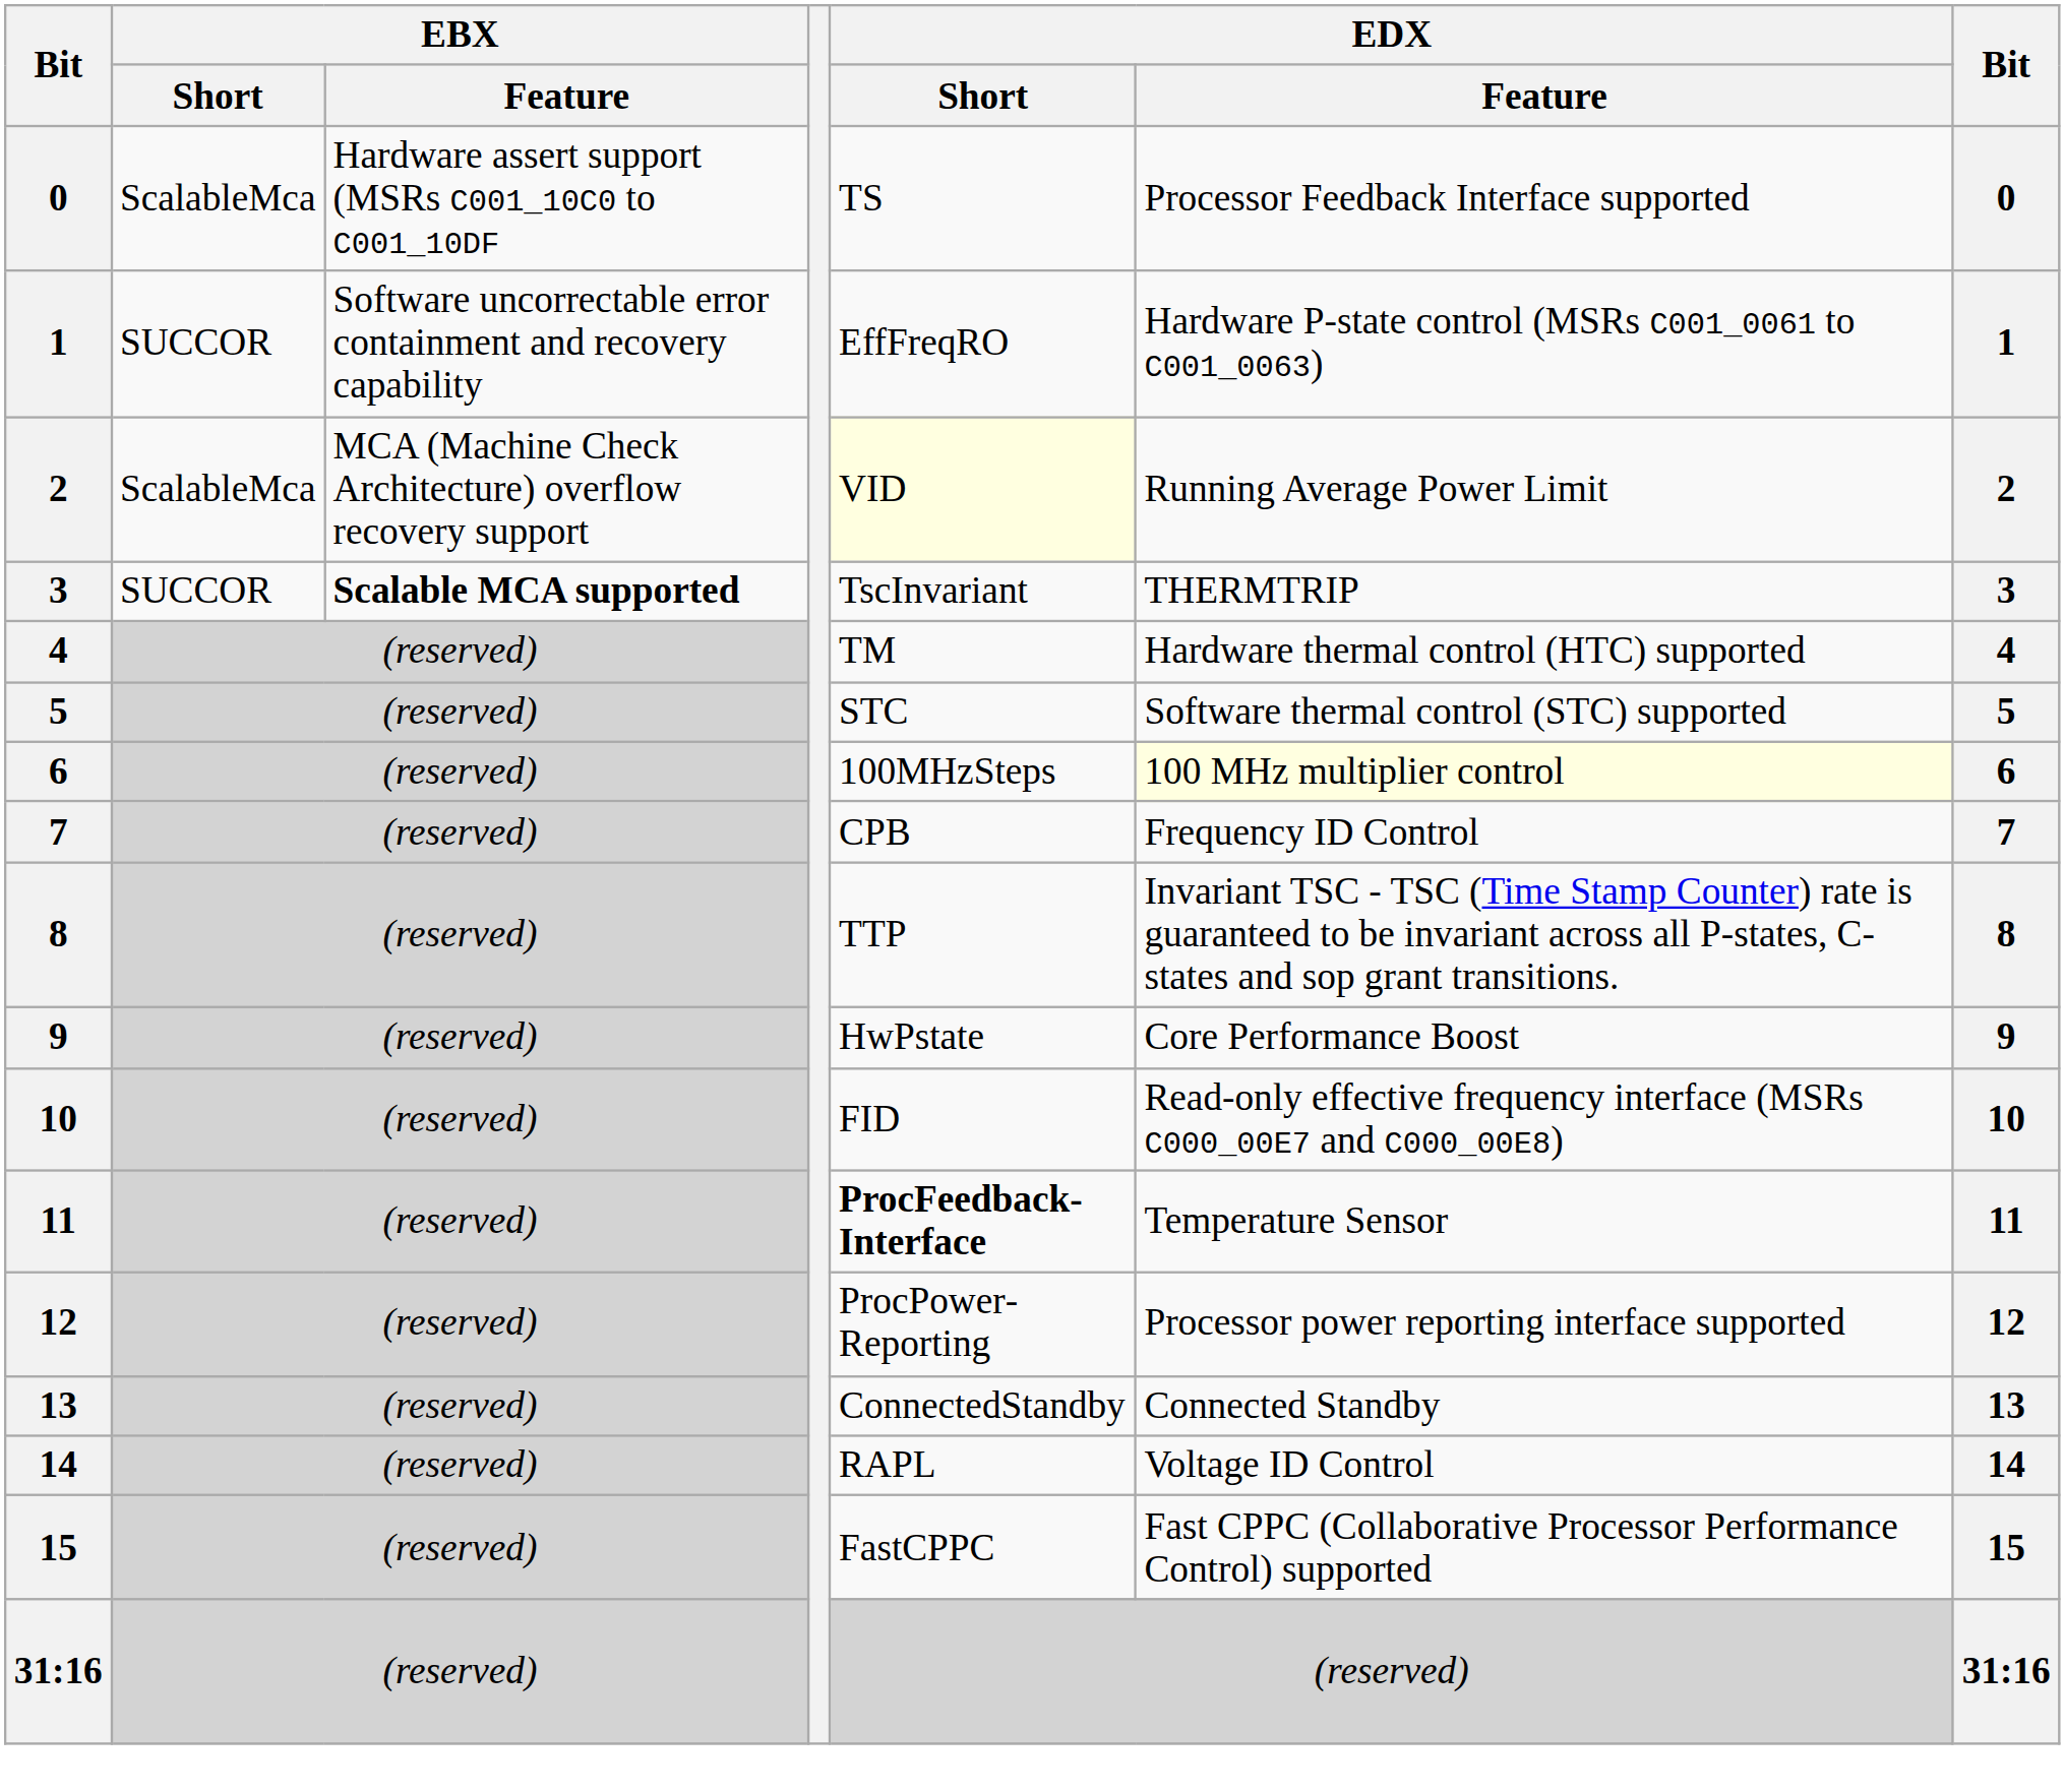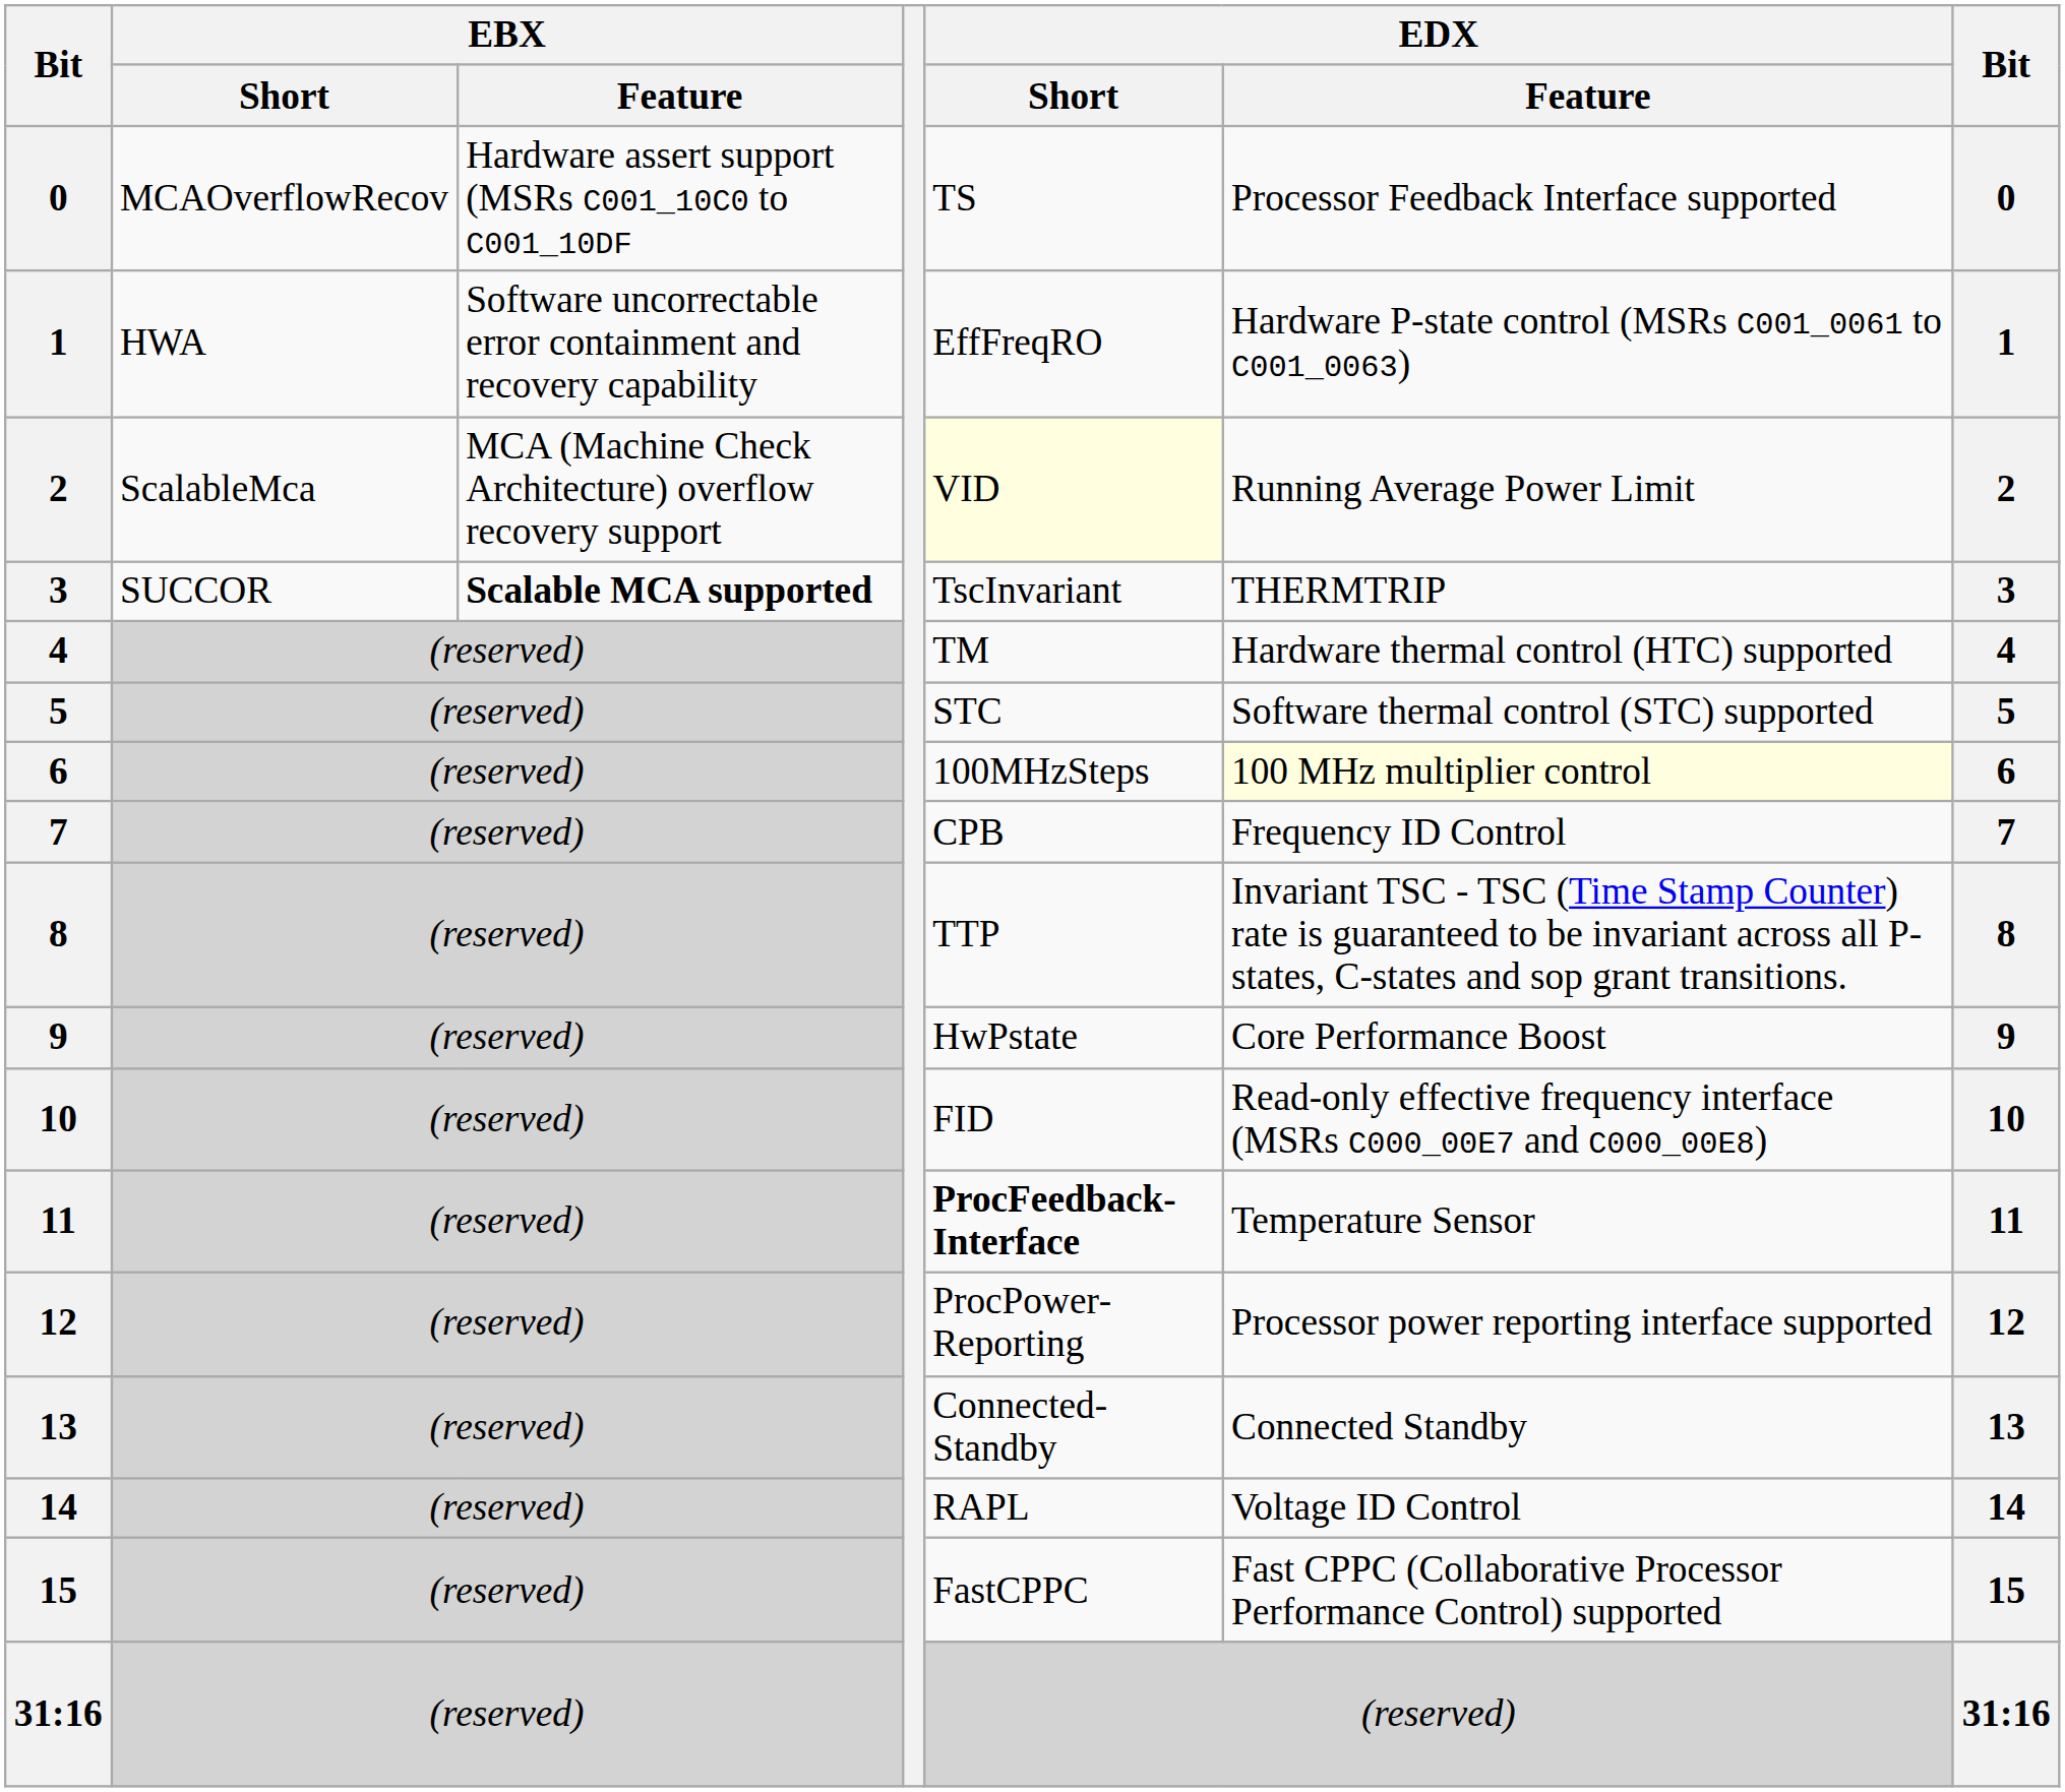 <table class="wikitable">
 <tr>
 <th rowspan=2>Bit</th>
 <th colspan=2>EBX</th>
 <th scope="col" style="width: 0.5em; border-spacing:0; padding:0px" rowspan="19"></th>
 <th colspan=2>EDX</th>
 <th rowspan=2>Bit</th>
 </tr>
 <tr>
 <th>Short</th>
 <th>Feature</th>
 <th>Short</th>
 <th>Feature</th>
 </tr>
 <tr>
 <th>0</th>
-<td>ScalableMca</td>
+<td>MCAOverflowRecov</td>
 <td>Hardware assert support (MSRs <code>C001_10C0</code> to <code>C001_10DF</code></td>
 <td>TS</td>
 <td>Processor Feedback Interface supported</td>
 <th>0</th>
 </tr>
 <tr>
 <th>1</th>
-<td>SUCCOR</td>
+<td>HWA</td>
 <td>Software uncorrectable error containment and recovery capability</td>
 <td>EffFreqRO</td>
 <td>Hardware P-state control (MSRs <code>C001_0061</code> to <code>C001_0063</code>)</td>
 <th>1</th>
 </tr>
 <tr>
 <th>2</th>
 <td>ScalableMca</td>
 <td>MCA (Machine Check Architecture) overflow recovery support</td>
 <td style="background: lightyellow;">VID</td>
 <td>Running Average Power Limit</td>
 <th>2</th>
 </tr>
 <tr>
 <th>3</th>
 <td>SUCCOR</td>
 <td><strong>Scalable MCA supported</strong></td>
 <td>TscInvariant</td>
 <td>THERMTRIP</td>
 <th>3</th>
 </tr>
 <tr>
 <th>4</th>
 <td colspan="2" style="text-align:center; background:lightgrey;"><em>(reserved)</em></td>
 <td>TM</td>
 <td>Hardware thermal control (HTC) supported</td>
 <th>4</th>
 </tr>
 <tr>
 <th>5</th>
 <td colspan="2" style="text-align:center; background:lightgrey;"><em>(reserved)</em></td>
 <td>STC</td>
 <td>Software thermal control (STC) supported</td>
 <th>5</th>
 </tr>
 <tr>
 <th>6</th>
 <td colspan="2" style="text-align:center; background:lightgrey;"><em>(reserved)</em></td>
 <td>100MHzSteps</td>
 <td style="background: lightyellow;">100 MHz multiplier control</td>
 <th>6</th>
 </tr>
 <tr>
 <th>7</th>
 <td colspan="2" style="text-align:center; background:lightgrey;"><em>(reserved)</em></td>
 <td>CPB</td>
 <td>Frequency ID Control</td>
 <th>7</th>
 </tr>
 <tr>
 <th>8</th>
 <td colspan="2" style="text-align:center; background:lightgrey;"><em>(reserved)</em></td>
 <td>TTP</td>
 <td>Invariant TSC - TSC (<a href='#'>Time Stamp Counter</a>) rate is guaranteed to be invariant across all P-states, C-states and sop grant transitions.</td>
 <th>8</th>
 </tr>
 <tr>
 <th>9</th>
 <td colspan="2" style="text-align:center; background:lightgrey;"><em>(reserved)</em></td>
 <td>HwPstate</td>
 <td>Core Performance Boost</td>
 <th>9</th>
 </tr>
 <tr>
 <th>10</th>
 <td colspan="2" style="text-align:center; background:lightgrey;"><em>(reserved)</em></td>
 <td>FID</td>
 <td>Read-only effective frequency interface (MSRs <code>C000_00E7</code> and <code>C000_00E8</code>)</td>
 <th>10</th>
 </tr>
 <tr>
 <th>11</th>
 <td colspan="2" style="text-align:center; background:lightgrey;"><em>(reserved)</em></td>
 <td><strong>ProcFeedback­Interface</strong></td>
 <td>Temperature Sensor</td>
 <th>11</th>
 </tr>
 <tr>
 <th>12</th>
 <td colspan="2" style="text-align:center; background:lightgrey;"><em>(reserved)</em></td>
 <td>ProcPower­Reporting</td>
 <td>Processor power reporting interface supported</td>
 <th>12</th>
 </tr>
 <tr>
 <th>13</th>
 <td colspan="2" style="text-align:center; background:lightgrey;"><em>(reserved)</em></td>
 <td>Connected­Standby</td>
 <td>Connected Standby</td>
 <th>13</th>
 </tr>
 <tr>
 <th>14</th>
 <td colspan="2" style="text-align:center; background:lightgrey;"><em>(reserved)</em></td>
 <td>RAPL</td>
 <td>Voltage ID Control</td>
 <th>14</th>
 </tr>
 <tr>
 <th>15</th>
 <td colspan="2" style="text-align:center; background:lightgrey;"><em>(reserved)</em></td>
 <td>FastCPPC</td>
 <td>Fast CPPC (Collaborative Processor Performance Control) supported</td>
 <th>15</th>
 </tr>
 <tr>
 <th><br>31:16<br> </th>
 <td colspan="2" style="text-align:center; background:lightgrey;"><em>(reserved)</em></td>
 <td colspan="2" style="text-align:center; background:lightgrey;"><em>(reserved)</em></td>
 <th><br>31:16<br> </th>
 </tr>
 </table>
